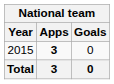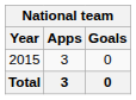 <table class="wikitable" style="text-align:center">
 <tr>
 <th colspan=3>National team</th>
 </tr>
 <tr>
 <th>Year</th>
 <th>Apps</th>
 <th>Goals</th>
 </tr>
 <tr>
 <td>2015</td>
-<td><strong>3</strong></td>
+<td>3</td>
 <td>0</td>
 </tr>
 <tr>
 <th>Total</th>
 <th>3</th>
 <th>0</th>
 </tr>
 </table>
